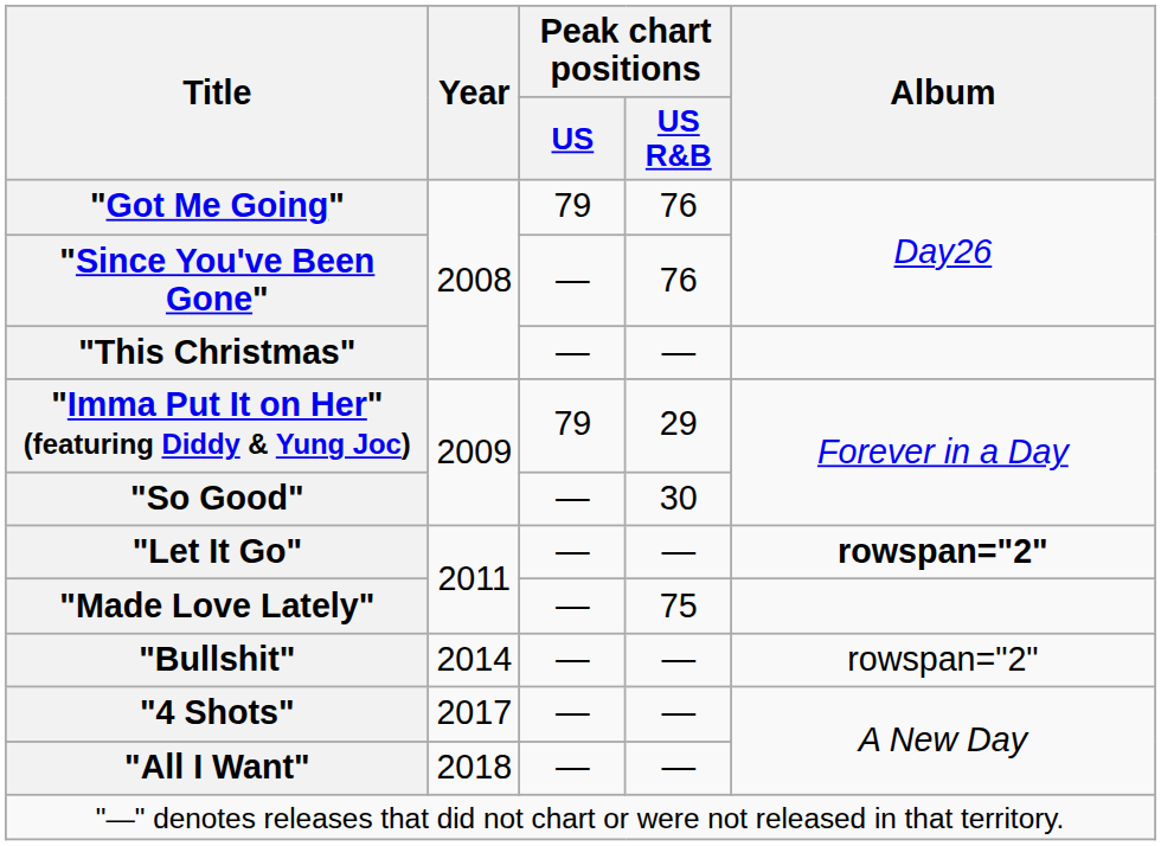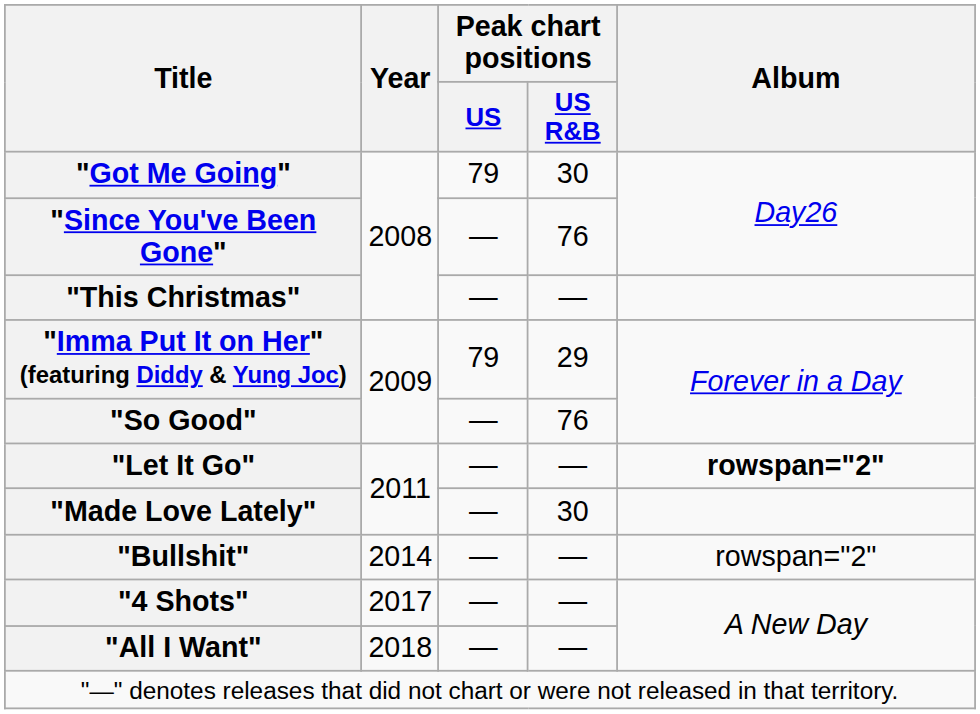 <table class="wikitable plainrowheaders" style="text-align:center;" border="1">
 <tr>
 <th scope="col" rowspan="2" style="width:12em;">Title</th>
 <th scope="col" rowspan="2">Year</th>
 <th scope="col" colspan="2">Peak chart positions</th>
 <th scope="col" rowspan="2" style="width:12em;">Album</th>
 </tr>
 <tr>
 <th scope="col" style="width:3em;font-size:90%;"><a href='#'>US</a><br></th>
 <th scope="col" style="width:3em;font-size:90%;"><a href='#'>US <br> R&B</a><br></th>
 </tr>
 <tr>
 <th scope="row">"<a href='#'>Got Me Going</a>"</th>
 <td rowspan="3">2008</td>
 <td align="center">79</td>
-<td align="center">76</td>
+<td align="center">30</td>
 <td rowspan="2"><em><a href='#'>Day26</a></em></td>
 </tr>
 <tr>
 <th scope="row">"<a href='#'>Since You've Been Gone</a>"</th>
 <td align="center">—</td>
 <td align="center">76</td>
 </tr>
 <tr>
 <th scope="row">"This Christmas"</th>
 <td align="center">—</td>
 <td align="center">—</td>
 <td></td>
 </tr>
 <tr>
 <th scope="row">"<a href='#'>Imma Put It on Her</a>" <br> <small>(featuring <a href='#'>Diddy</a> & <a href='#'>Yung Joc</a>)</small></th>
 <td align="center" rowspan="2">2009</td>
 <td align="center">79</td>
 <td align="center">29</td>
 <td rowspan="2"><em><a href='#'>Forever in a Day</a></em></td>
 </tr>
 <tr>
 <th scope="row">"So Good"</th>
 <td align="center">—</td>
-<td align="center">30</td>
+<td align="center">76</td>
 </tr>
 <tr>
 <th scope="row">"Let It Go"</th>
 <td align="center" rowspan="2">2011</td>
 <td align="center">—</td>
 <td align="center">—</td>
 <td><strong>rowspan="2" </strong></td>
 </tr>
 <tr>
 <th scope="row">"Made Love Lately"</th>
 <td align="center">—</td>
-<td align="center">75</td>
+<td align="center">30</td>
 </tr>
 <tr>
 <th scope="row">"Bullshit"</th>
 <td align="center">2014</td>
 <td align="center">—</td>
 <td align="center">—</td>
 <td>rowspan="2" </td>
 </tr>
 <tr>
 <th scope="row">"4 Shots"</th>
 <td align="center">2017</td>
 <td align="center">—</td>
 <td align="center">—</td>
 <td rowspan="2"><em>A New Day</em></td>
 </tr>
 <tr>
 <th scope="row">"All I Want"</th>
 <td align="center">2018</td>
 <td align="center">—</td>
 <td align="center">—</td>
 </tr>
 <tr>
 <td colspan="13" style="font-size:85%">"—" denotes releases that did not chart or were not released in that territory.</td>
 </tr>
 </table>
